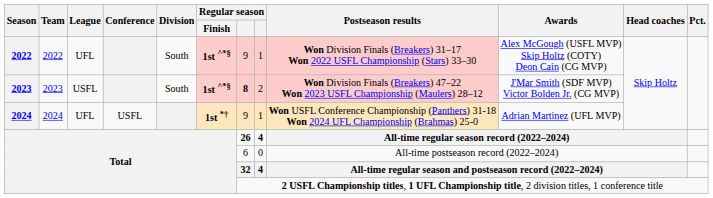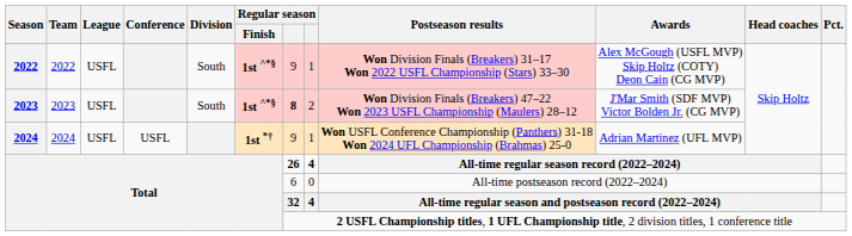 <table class="wikitable" style="text-align:center">
 <tr>
 <th rowspan="2">Season</th>
 <th rowspan="2">Team</th>
 <th rowspan="2">League</th>
 <th rowspan="2">Conference</th>
 <th rowspan="2">Division</th>
 <th colspan="3">Regular season</th>
 <th rowspan="2">Postseason results</th>
 <th rowspan="2">Awards</th>
 <th rowspan="2">Head coaches</th>
 <th rowspan="2">Pct.</th>
 </tr>
 <tr>
 <th>Finish</th>
 <th></th>
 <th></th>
 </tr>
 <tr>
 <th><a href='#'>2022</a></th>
 <td><a href='#'>2022</a></td>
-<td>UFL</td>
+<td>USFL</td>
 <th></th>
 <td>South</td>
 <td bgcolor="#ffcccc"><strong>1st <sup>^*§</sup></strong></td>
 <td bgcolor="#ffcccc">9</td>
 <td bgcolor="#ffcccc">1</td>
 <td bgcolor="#ffcccc"><strong>Won</strong> Division Finals (<a href='#'>Breakers</a>) 31–17<br><strong>Won</strong> <a href='#'>2022 USFL Championship</a> (<a href='#'>Stars</a>) 33–30</td>
 <td><a href='#'>Alex McGough</a> (USFL MVP)<br><a href='#'>Skip Holtz</a> (COTY)<br><a href='#'>Deon Cain</a> (CG MVP)</td>
 <td rowspan="3"><a href='#'>Skip Holtz</a></td>
 <td rowspan="3"></td>
 </tr>
 <tr>
 <th><a href='#'>2023</a></th>
 <td><a href='#'>2023</a></td>
 <td>USFL</td>
 <th></th>
 <td>South</td>
 <td bgcolor="#ffcccc"><strong>1st <sup>^*§</sup></strong></td>
 <td bgcolor="#ffcccc"><strong>8</strong></td>
 <td bgcolor="#ffcccc">2</td>
 <td bgcolor="#ffcccc"><strong>Won</strong> Division Finals (<a href='#'>Breakers</a>) 47–22<br><strong>Won</strong> <a href='#'>2023 USFL Championship</a> (<a href='#'>Maulers</a>) 28–12</td>
 <td><a href='#'>J'Mar Smith</a> (SDF MVP)<br><a href='#'>Victor Bolden Jr.</a> (CG MVP)</td>
 </tr>
 <tr>
 <th><a href='#'>2024</a></th>
 <td><a href='#'>2024</a></td>
-<td>UFL</td>
+<td>USFL</td>
 <td>USFL</td>
 <th></th>
 <td bgcolor="#ffe6bd"><strong>1st <sup>*†</sup></strong></td>
 <td bgcolor="#ffe6bd">9</td>
 <td bgcolor="#ffe6bd">1</td>
 <td bgcolor="#ffe6bd"><strong>Won</strong> USFL Conference Championship (<a href='#'>Panthers</a>) 31-18<br><strong>Won</strong> <a href='#'>2024 UFL Championship</a> (<a href='#'>Brahmas</a>) 25-0</td>
 <td><a href='#'>Adrian Martinez</a> (UFL MVP)</td>
 </tr>
 <tr>
 <th rowspan="4" colspan="6">Total</th>
 <td><strong>26</strong></td>
 <td><strong>4</strong></td>
 <th colspan="3">All-time regular season record (2022–2024)</th>
 <td></td>
 </tr>
 <tr>
 <td>6</td>
 <td>0</td>
 <td colspan="3">All-time postseason record (2022–2024)</td>
 <td></td>
 </tr>
 <tr>
 <th>32</th>
 <th>4</th>
 <th colspan="3">All-time regular season and postseason record (2022–2024)</th>
 <td></td>
 </tr>
 <tr>
 <td colspan="6"><strong>2 USFL Championship titles</strong>, <strong>1 UFL Championship title</strong>, 2 division titles, 1 conference title</td>
 </tr>
 </table>
